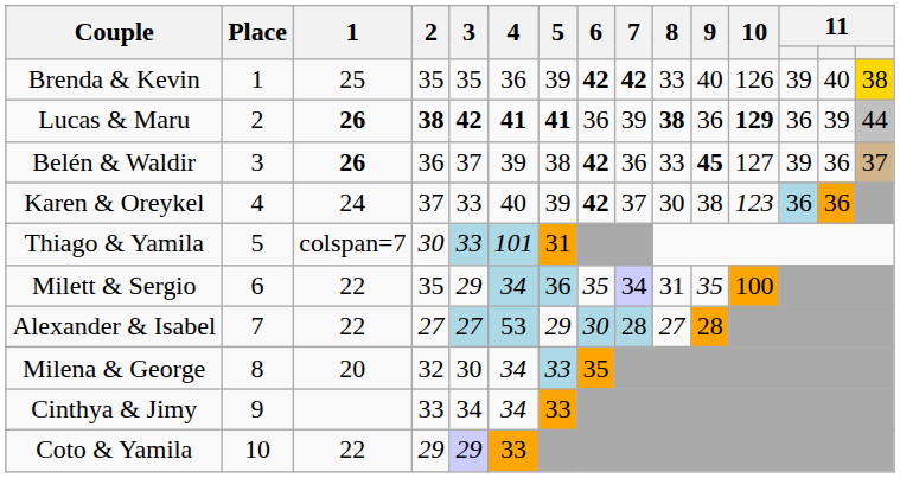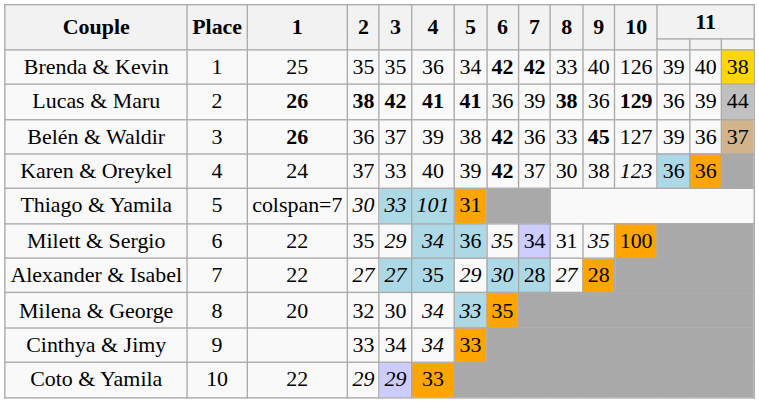 <table class="wikitable sortable" style="margin:auto; text-align:center; white-space:nowrap; width:auto;">
 <tr>
 <th rowspan=2>Couple</th>
 <th rowspan=2>Place</th>
 <th rowspan=2>1</th>
 <th rowspan=2>2</th>
 <th rowspan=2>3</th>
 <th rowspan=2>4</th>
 <th rowspan=2>5</th>
 <th rowspan=2>6</th>
 <th rowspan=2>7</th>
 <th rowspan=2>8</th>
 <th rowspan=2>9</th>
 <th rowspan=2>10</th>
 <th colspan=3>11</th>
 </tr>
 <tr>
 <th></th>
 <th></th>
 <th></th>
 </tr>
 <tr>
 <td>Brenda & Kevin</td>
 <td>1</td>
 <td>25</td>
 <td>35</td>
 <td>35</td>
 <td>36</td>
-<td>39</td>
+<td>34</td>
 <td><span><strong>42</strong></span></td>
 <td><span><strong>42</strong></span></td>
 <td>33</td>
 <td>40</td>
 <td>126</td>
 <td>39</td>
 <td>40</td>
 <td bgcolor=gold>38</td>
 </tr>
 <tr>
 <td>Lucas & Maru</td>
 <td>2</td>
 <td><span><strong>26</strong></span></td>
 <td><span><strong>38</strong></span></td>
 <td><span><strong>42</strong></span></td>
 <td><span><strong>41</strong></span></td>
 <td><span><strong>41</strong></span></td>
 <td>36</td>
 <td>39</td>
 <td><span><strong>38</strong></span></td>
 <td>36</td>
 <td><span><strong>129</strong></span></td>
 <td>36</td>
 <td>39</td>
 <td bgcolor=silver>44</td>
 </tr>
 <tr>
 <td>Belén & Waldir</td>
 <td>3</td>
 <td><span><strong>26</strong></span></td>
 <td>36</td>
 <td>37</td>
 <td>39</td>
 <td>38</td>
 <td><span><strong>42</strong></span></td>
 <td>36</td>
 <td>33</td>
 <td><span><strong>45</strong></span></td>
 <td>127</td>
 <td>39</td>
 <td>36</td>
 <td bgcolor=tan>37</td>
 </tr>
 <tr>
 <td>Karen & Oreykel</td>
 <td>4</td>
 <td>24</td>
 <td>37</td>
 <td>33</td>
 <td>40</td>
 <td>39</td>
 <td><span><strong>42</strong></span></td>
 <td>37</td>
 <td>30</td>
 <td>38</td>
 <td><span><em>123</em></span></td>
 <td bgcolor="lightblue">36</td>
 <td bgcolor="orange">36</td>
 <td colspan="1" style="background:darkgrey;"></td>
 </tr>
 <tr>
 <td>Thiago & Yamila</td>
 <td>5</td>
 <td>colspan=7 </td>
 <td><span><em>30</em></span></td>
 <td bgcolor="lightblue"><span><em>33</em></span></td>
 <td bgcolor="lightblue"><span><em>101</em></span></td>
 <td bgcolor="orange">31</td>
 <td colspan="2" style="background:darkgrey;"></td>
 </tr>
 <tr>
 <td>Milett & Sergio</td>
 <td>6</td>
 <td>22</td>
 <td>35</td>
 <td><span><em>29</em></span></td>
 <td bgcolor="lightblue"><span><em>34</em></span></td>
 <td bgcolor="lightblue">36</td>
 <td><span><em>35</em></span></td>
 <td bgcolor="#CCCCFF">34</td>
 <td>31</td>
 <td><span><em>35</em></span></td>
 <td bgcolor="orange">100</td>
 <td colspan="3" style="background:darkgrey;"></td>
 </tr>
 <tr>
 <td>Alexander & Isabel</td>
 <td>7</td>
 <td>22</td>
 <td><span><em>27</em></span></td>
 <td bgcolor="lightblue"><span><em>27</em></span></td>
-<td bgcolor="lightblue">53</td>
+<td bgcolor="lightblue">35</td>
 <td><span><em>29</em></span></td>
 <td bgcolor="lightblue"><span><em>30</em></span></td>
 <td bgcolor="lightblue">28</td>
 <td><span><em>27</em></span></td>
 <td bgcolor="orange">28</td>
 <td colspan="4" style="background:darkgrey;"></td>
 </tr>
 <tr>
 <td>Milena & George</td>
 <td>8</td>
 <td>20</td>
 <td>32</td>
 <td>30</td>
 <td><span><em>34</em></span></td>
 <td bgcolor="lightblue"><span><em>33</em></span></td>
 <td bgcolor="orange">35</td>
 <td colspan="7" style="background:darkgrey;"></td>
 </tr>
 <tr>
 <td>Cinthya & Jimy</td>
 <td>9</td>
 <td></td>
 <td>33</td>
 <td>34</td>
 <td><span><em>34</em></span></td>
 <td bgcolor="orange">33</td>
 <td colspan="8" style="background:darkgrey;"></td>
 </tr>
 <tr>
 <td>Coto & Yamila</td>
 <td>10</td>
 <td>22</td>
 <td><span><em>29</em></span></td>
 <td bgcolor="#CCCCFF"><span><em>29</em></span></td>
 <td bgcolor="orange">33</td>
 <td colspan="9" style="background:darkgrey;"></td>
 </tr>
 </table>
